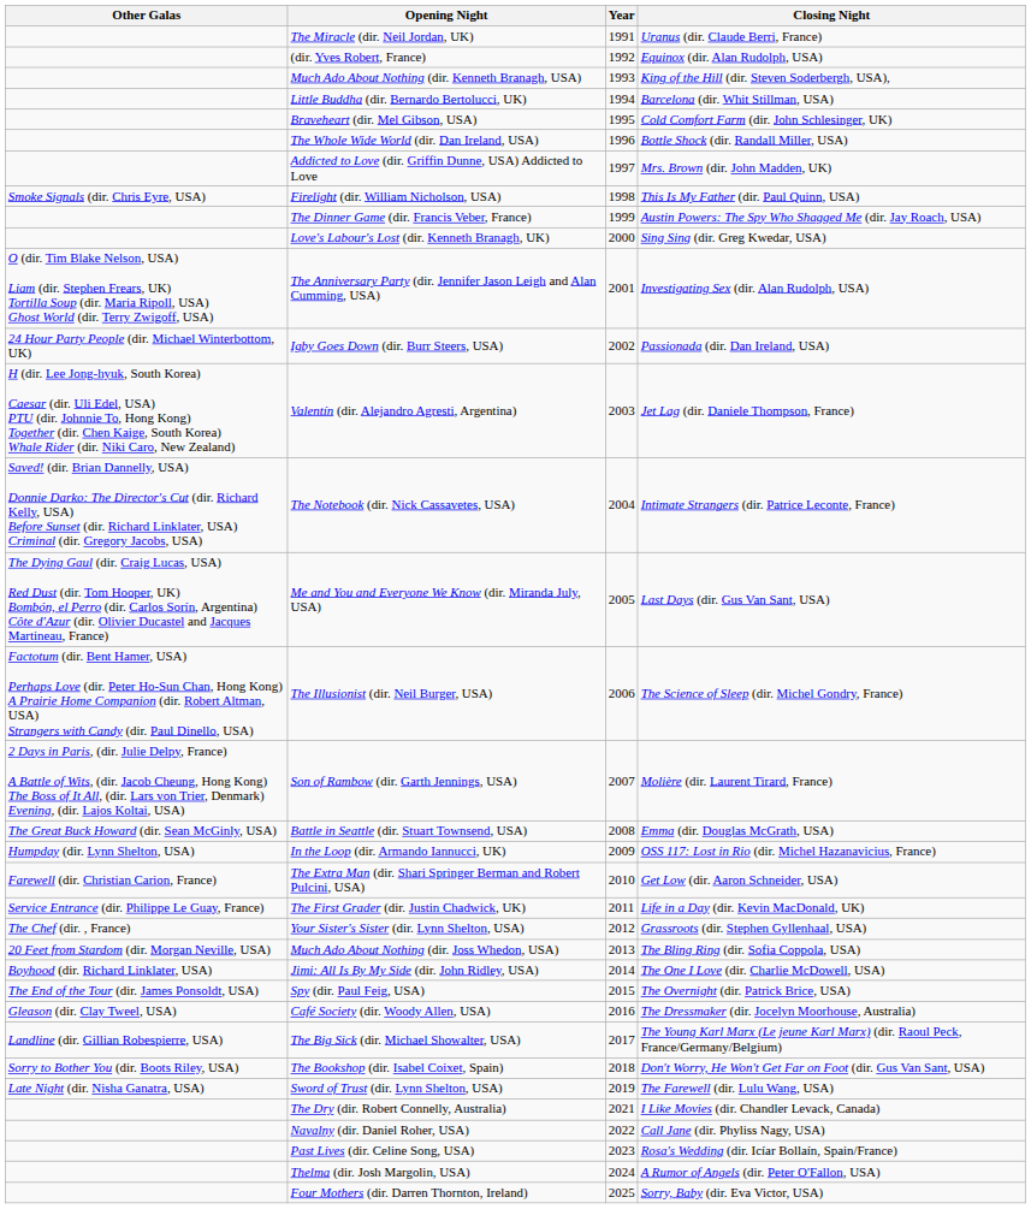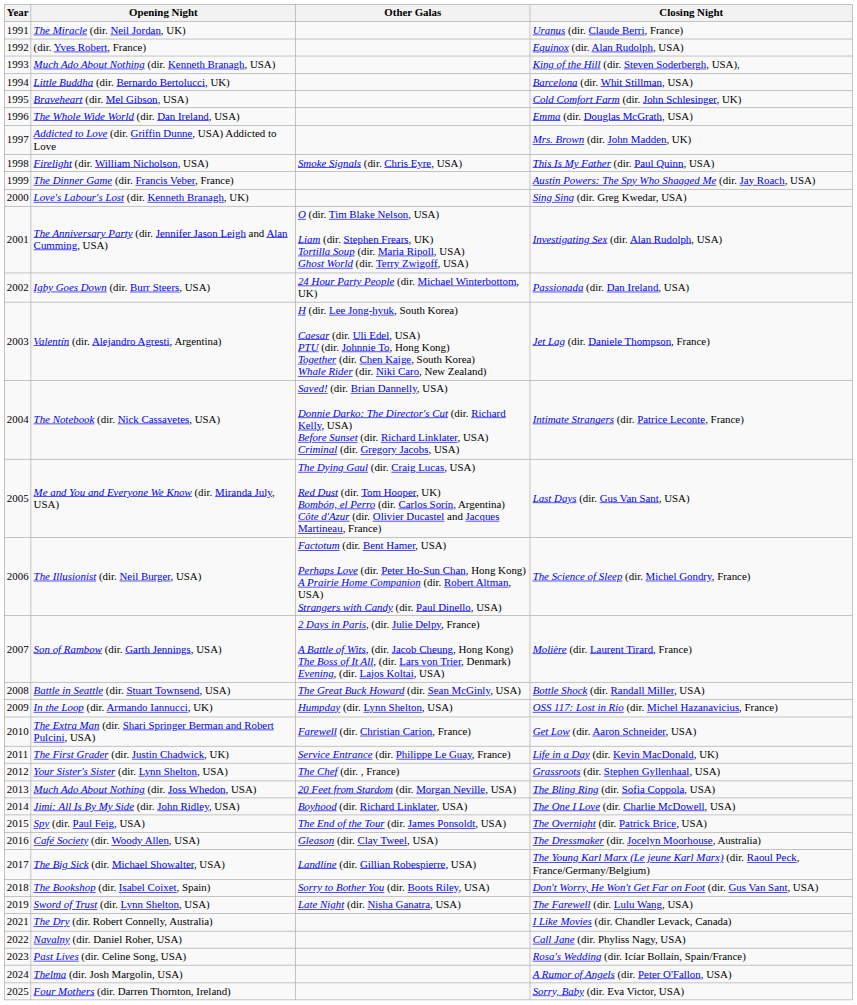 <table class="wikitable">
 <tr>
+<th>Year</th>
+<th>Opening Night</th>
 <th>Other Galas</th>
-<th>Opening Night</th>
-<th>Year</th>
 <th>Closing Night</th>
 </tr>
 <tr>
+<td>1991</td>
+<td><em><a href='#'>The Miracle</a></em> (dir. <a href='#'>Neil Jordan</a>, UK)</td>
 <td></td>
-<td><em><a href='#'>The Miracle</a></em> (dir. <a href='#'>Neil Jordan</a>, UK)</td>
-<td>1991</td>
 <td><em><a href='#'>Uranus</a></em> (dir. <a href='#'>Claude Berri</a>, France)</td>
 </tr>
 <tr>
+<td>1992</td>
+<td><em></em> (dir. <a href='#'>Yves Robert</a>, France)</td>
 <td></td>
-<td><em></em> (dir. <a href='#'>Yves Robert</a>, France)</td>
-<td>1992</td>
 <td><em><a href='#'>Equinox</a></em> (dir. <a href='#'>Alan Rudolph</a>, USA)</td>
 </tr>
 <tr>
+<td>1993</td>
+<td><em><a href='#'>Much Ado About Nothing</a></em> (dir. <a href='#'>Kenneth Branagh</a>, USA)</td>
 <td></td>
-<td><em><a href='#'>Much Ado About Nothing</a></em> (dir. <a href='#'>Kenneth Branagh</a>, USA)</td>
-<td>1993</td>
 <td><em><a href='#'>King of the Hill</a></em> (dir. <a href='#'>Steven Soderbergh</a>, USA),</td>
 </tr>
 <tr>
+<td>1994</td>
+<td><em><a href='#'>Little Buddha</a></em> (dir. <a href='#'>Bernardo Bertolucci</a>, UK)</td>
 <td></td>
-<td><em><a href='#'>Little Buddha</a></em> (dir. <a href='#'>Bernardo Bertolucci</a>, UK)</td>
-<td>1994</td>
 <td><em><a href='#'>Barcelona</a></em> (dir. <a href='#'>Whit Stillman</a>, USA)</td>
 </tr>
 <tr>
+<td>1995</td>
+<td><em><a href='#'>Braveheart</a></em> (dir. <a href='#'>Mel Gibson</a>, USA)</td>
 <td></td>
-<td><em><a href='#'>Braveheart</a></em> (dir. <a href='#'>Mel Gibson</a>, USA)</td>
-<td>1995</td>
 <td><em><a href='#'>Cold Comfort Farm</a></em> (dir. <a href='#'>John Schlesinger</a>, UK)</td>
 </tr>
 <tr>
+<td>1996</td>
+<td><em><a href='#'>The Whole Wide World</a></em> (dir. <a href='#'>Dan Ireland</a>, USA)</td>
 <td></td>
-<td><em><a href='#'>The Whole Wide World</a></em> (dir. <a href='#'>Dan Ireland</a>, USA)</td>
-<td>1996</td>
+<td><em><a href='#'>Emma</a></em> (dir. <a href='#'>Douglas McGrath</a>, USA)</td>
+</tr>
+<tr>
+<td>1997</td>
+<td><em><a href='#'>Addicted to Love</a></em> (dir. <a href='#'>Griffin Dunne</a>, USA) Addicted to Love</td>
+<td></td>
+<td><em><a href='#'>Mrs. Brown</a></em> (dir. <a href='#'>John Madden</a>, UK)</td>
+</tr>
+<tr>
+<td>1998</td>
+<td><em><a href='#'>Firelight</a></em> (dir. <a href='#'>William Nicholson</a>, USA)</td>
+<td><em><a href='#'>Smoke Signals</a></em> (dir. <a href='#'>Chris Eyre</a>, USA)</td>
+<td><em><a href='#'>This Is My Father</a></em> (dir. <a href='#'>Paul Quinn</a>, USA)</td>
+</tr>
+<tr>
+<td>1999</td>
+<td><em><a href='#'>The Dinner Game</a></em> (dir. <a href='#'>Francis Veber</a>, France)</td>
+<td></td>
+<td><em><a href='#'>Austin Powers: The Spy Who Shagged Me</a></em> (dir. <a href='#'>Jay Roach</a>, USA)</td>
+</tr>
+<tr>
+<td>2000</td>
+<td><em><a href='#'>Love's Labour's Lost</a></em> (dir. <a href='#'>Kenneth Branagh</a>, UK)</td>
+<td></td>
+<td><em><a href='#'>Sing Sing</a></em> (dir. Greg Kwedar, USA)</td>
+</tr>
+<tr>
+<td>2001</td>
+<td><em><a href='#'>The Anniversary Party</a></em> (dir. <a href='#'>Jennifer Jason Leigh</a> and <a href='#'>Alan Cumming</a>, USA)</td>
+<td><em><a href='#'>O</a></em> (dir. <a href='#'>Tim Blake Nelson</a>, USA)<br><br><em><a href='#'>Liam</a></em> (dir. <a href='#'>Stephen Frears</a>, UK)<br> <em><a href='#'>Tortilla Soup</a></em> (dir. <a href='#'>Maria Ripoll</a>, USA)<br> <em><a href='#'>Ghost World</a></em> (dir. <a href='#'>Terry Zwigoff</a>, USA)</td>
+<td><em><a href='#'>Investigating Sex</a></em> (dir. <a href='#'>Alan Rudolph</a>, USA)</td>
+</tr>
+<tr>
+<td>2002</td>
+<td><em><a href='#'>Igby Goes Down</a></em> (dir. <a href='#'>Burr Steers</a>, USA)</td>
+<td><em><a href='#'>24 Hour Party People</a></em> (dir. <a href='#'>Michael Winterbottom</a>, UK)</td>
+<td><em><a href='#'>Passionada</a></em> (dir. <a href='#'>Dan Ireland</a>, USA)</td>
+</tr>
+<tr>
+<td>2003</td>
+<td><em><a href='#'>Valentín</a></em> (dir. <a href='#'>Alejandro Agresti</a>, Argentina)</td>
+<td><em><a href='#'>H</a></em> (dir. <a href='#'>Lee Jong-hyuk</a>, South Korea)<br><br><em><a href='#'>Caesar</a></em> (dir. <a href='#'>Uli Edel</a>, USA)<br> <em><a href='#'>PTU</a></em> (dir. <a href='#'>Johnnie To</a>, Hong Kong)<br> <em><a href='#'>Together</a></em> (dir. <a href='#'>Chen Kaige</a>, South Korea)<br> <em><a href='#'>Whale Rider</a></em> (dir. <a href='#'>Niki Caro</a>, New Zealand)</td>
+<td><em><a href='#'>Jet Lag</a></em> (dir. <a href='#'>Daniele Thompson</a>, France)</td>
+</tr>
+<tr>
+<td>2004</td>
+<td><em><a href='#'>The Notebook</a></em> (dir. <a href='#'>Nick Cassavetes</a>, USA)</td>
+<td><em><a href='#'>Saved!</a></em> (dir. <a href='#'>Brian Dannelly</a>, USA)<br><br><em><a href='#'>Donnie Darko: The Director's Cut</a></em> (dir. <a href='#'>Richard Kelly</a>, USA)<br> <em><a href='#'>Before Sunset</a></em> (dir. <a href='#'>Richard Linklater</a>, USA)<br> <em><a href='#'>Criminal</a></em> (dir. <a href='#'>Gregory Jacobs</a>, USA)</td>
+<td><em><a href='#'>Intimate Strangers</a></em> (dir. <a href='#'>Patrice Leconte</a>, France)</td>
+</tr>
+<tr>
+<td>2005</td>
+<td><em><a href='#'>Me and You and Everyone We Know</a></em> (dir. <a href='#'>Miranda July</a>, USA)</td>
+<td><em><a href='#'>The Dying Gaul</a></em> (dir. <a href='#'>Craig Lucas</a>, USA)<br><br><em><a href='#'>Red Dust</a></em> (dir. <a href='#'>Tom Hooper</a>, UK)<br> <em><a href='#'>Bombón, el Perro</a></em> (dir. <a href='#'>Carlos Sorín</a>, Argentina)<br> <em><a href='#'>Côte d'Azur</a></em> (dir. <a href='#'>Olivier Ducastel</a> and <a href='#'>Jacques Martineau</a>, France)</td>
+<td><em><a href='#'>Last Days</a></em> (dir. <a href='#'>Gus Van Sant</a>, USA)</td>
+</tr>
+<tr>
+<td>2006</td>
+<td><em><a href='#'>The Illusionist</a></em> (dir. <a href='#'>Neil Burger</a>, USA)</td>
+<td><em><a href='#'>Factotum</a></em> (dir. <a href='#'>Bent Hamer</a>, USA)<br><br><em><a href='#'>Perhaps Love</a></em> (dir. <a href='#'>Peter Ho-Sun Chan</a>, Hong Kong)<br> <em><a href='#'>A Prairie Home Companion</a></em> (dir. <a href='#'>Robert Altman</a>, USA)<br> <em><a href='#'>Strangers with Candy</a></em> (dir. <a href='#'>Paul Dinello</a>, USA)</td>
+<td><em><a href='#'>The Science of Sleep</a></em> (dir. <a href='#'>Michel Gondry</a>, France)</td>
+</tr>
+<tr>
+<td>2007</td>
+<td><em><a href='#'>Son of Rambow</a></em> (dir. <a href='#'>Garth Jennings</a>, USA)</td>
+<td><em><a href='#'>2 Days in Paris</a></em>, (dir. <a href='#'>Julie Delpy</a>, France)<br><br><em><a href='#'>A Battle of Wits</a></em>, (dir. <a href='#'>Jacob Cheung</a>, Hong Kong)<br> <em><a href='#'>The Boss of It All</a></em>, (dir. <a href='#'>Lars von Trier</a>, Denmark)<br> <em><a href='#'>Evening</a></em>, (dir. <a href='#'>Lajos Koltai</a>, USA)</td>
+<td><em><a href='#'>Molière</a></em> (dir. <a href='#'>Laurent Tirard</a>, France)</td>
+</tr>
+<tr>
+<td>2008</td>
+<td><em><a href='#'>Battle in Seattle</a></em> (dir. <a href='#'>Stuart Townsend</a>, USA)</td>
+<td><em><a href='#'>The Great Buck Howard</a></em> (dir. <a href='#'>Sean McGinly</a>, USA)</td>
 <td><em><a href='#'>Bottle Shock</a></em> (dir. <a href='#'>Randall Miller</a>, USA)</td>
 </tr>
 <tr>
-<td></td>
-<td><em><a href='#'>Addicted to Love</a></em> (dir. <a href='#'>Griffin Dunne</a>, USA) Addicted to Love</td>
-<td>1997</td>
-<td><em><a href='#'>Mrs. Brown</a></em> (dir. <a href='#'>John Madden</a>, UK)</td>
-</tr>
-<tr>
-<td><em><a href='#'>Smoke Signals</a></em> (dir. <a href='#'>Chris Eyre</a>, USA)</td>
-<td><em><a href='#'>Firelight</a></em> (dir. <a href='#'>William Nicholson</a>, USA)</td>
-<td>1998</td>
-<td><em><a href='#'>This Is My Father</a></em> (dir. <a href='#'>Paul Quinn</a>, USA)</td>
-</tr>
-<tr>
-<td></td>
-<td><em><a href='#'>The Dinner Game</a></em> (dir. <a href='#'>Francis Veber</a>, France)</td>
-<td>1999</td>
-<td><em><a href='#'>Austin Powers: The Spy Who Shagged Me</a></em> (dir. <a href='#'>Jay Roach</a>, USA)</td>
-</tr>
-<tr>
-<td></td>
-<td><em><a href='#'>Love's Labour's Lost</a></em> (dir. <a href='#'>Kenneth Branagh</a>, UK)</td>
-<td>2000</td>
-<td><em><a href='#'>Sing Sing</a></em> (dir. Greg Kwedar, USA)</td>
-</tr>
-<tr>
-<td><em><a href='#'>O</a></em> (dir. <a href='#'>Tim Blake Nelson</a>, USA)<br><br><em><a href='#'>Liam</a></em> (dir. <a href='#'>Stephen Frears</a>, UK)<br> <em><a href='#'>Tortilla Soup</a></em> (dir. <a href='#'>Maria Ripoll</a>, USA)<br> <em><a href='#'>Ghost World</a></em> (dir. <a href='#'>Terry Zwigoff</a>, USA)</td>
-<td><em><a href='#'>The Anniversary Party</a></em> (dir. <a href='#'>Jennifer Jason Leigh</a> and <a href='#'>Alan Cumming</a>, USA)</td>
-<td>2001</td>
-<td><em><a href='#'>Investigating Sex</a></em> (dir. <a href='#'>Alan Rudolph</a>, USA)</td>
-</tr>
-<tr>
-<td><em><a href='#'>24 Hour Party People</a></em> (dir. <a href='#'>Michael Winterbottom</a>, UK)</td>
-<td><em><a href='#'>Igby Goes Down</a></em> (dir. <a href='#'>Burr Steers</a>, USA)</td>
-<td>2002</td>
-<td><em><a href='#'>Passionada</a></em> (dir. <a href='#'>Dan Ireland</a>, USA)</td>
-</tr>
-<tr>
-<td><em><a href='#'>H</a></em> (dir. <a href='#'>Lee Jong-hyuk</a>, South Korea)<br><br><em><a href='#'>Caesar</a></em> (dir. <a href='#'>Uli Edel</a>, USA)<br> <em><a href='#'>PTU</a></em> (dir. <a href='#'>Johnnie To</a>, Hong Kong)<br> <em><a href='#'>Together</a></em> (dir. <a href='#'>Chen Kaige</a>, South Korea)<br> <em><a href='#'>Whale Rider</a></em> (dir. <a href='#'>Niki Caro</a>, New Zealand)</td>
-<td><em><a href='#'>Valentín</a></em> (dir. <a href='#'>Alejandro Agresti</a>, Argentina)</td>
-<td>2003</td>
-<td><em><a href='#'>Jet Lag</a></em> (dir. <a href='#'>Daniele Thompson</a>, France)</td>
-</tr>
-<tr>
-<td><em><a href='#'>Saved!</a></em> (dir. <a href='#'>Brian Dannelly</a>, USA)<br><br><em><a href='#'>Donnie Darko: The Director's Cut</a></em> (dir. <a href='#'>Richard Kelly</a>, USA)<br> <em><a href='#'>Before Sunset</a></em> (dir. <a href='#'>Richard Linklater</a>, USA)<br> <em><a href='#'>Criminal</a></em> (dir. <a href='#'>Gregory Jacobs</a>, USA)</td>
-<td><em><a href='#'>The Notebook</a></em> (dir. <a href='#'>Nick Cassavetes</a>, USA)</td>
-<td>2004</td>
-<td><em><a href='#'>Intimate Strangers</a></em> (dir. <a href='#'>Patrice Leconte</a>, France)</td>
-</tr>
-<tr>
-<td><em><a href='#'>The Dying Gaul</a></em> (dir. <a href='#'>Craig Lucas</a>, USA)<br><br><em><a href='#'>Red Dust</a></em> (dir. <a href='#'>Tom Hooper</a>, UK)<br> <em><a href='#'>Bombón, el Perro</a></em> (dir. <a href='#'>Carlos Sorín</a>, Argentina)<br> <em><a href='#'>Côte d'Azur</a></em> (dir. <a href='#'>Olivier Ducastel</a> and <a href='#'>Jacques Martineau</a>, France)</td>
-<td><em><a href='#'>Me and You and Everyone We Know</a></em> (dir. <a href='#'>Miranda July</a>, USA)</td>
-<td>2005</td>
-<td><em><a href='#'>Last Days</a></em> (dir. <a href='#'>Gus Van Sant</a>, USA)</td>
-</tr>
-<tr>
-<td><em><a href='#'>Factotum</a></em> (dir. <a href='#'>Bent Hamer</a>, USA)<br><br><em><a href='#'>Perhaps Love</a></em> (dir. <a href='#'>Peter Ho-Sun Chan</a>, Hong Kong)<br> <em><a href='#'>A Prairie Home Companion</a></em> (dir. <a href='#'>Robert Altman</a>, USA)<br> <em><a href='#'>Strangers with Candy</a></em> (dir. <a href='#'>Paul Dinello</a>, USA)</td>
-<td><em><a href='#'>The Illusionist</a></em> (dir. <a href='#'>Neil Burger</a>, USA)</td>
-<td>2006</td>
-<td><em><a href='#'>The Science of Sleep</a></em> (dir. <a href='#'>Michel Gondry</a>, France)</td>
-</tr>
-<tr>
-<td><em><a href='#'>2 Days in Paris</a></em>, (dir. <a href='#'>Julie Delpy</a>, France)<br><br><em><a href='#'>A Battle of Wits</a></em>, (dir. <a href='#'>Jacob Cheung</a>, Hong Kong)<br> <em><a href='#'>The Boss of It All</a></em>, (dir. <a href='#'>Lars von Trier</a>, Denmark)<br> <em><a href='#'>Evening</a></em>, (dir. <a href='#'>Lajos Koltai</a>, USA)</td>
-<td><em><a href='#'>Son of Rambow</a></em> (dir. <a href='#'>Garth Jennings</a>, USA)</td>
-<td>2007</td>
-<td><em><a href='#'>Molière</a></em> (dir. <a href='#'>Laurent Tirard</a>, France)</td>
-</tr>
-<tr>
-<td><em><a href='#'>The Great Buck Howard</a></em> (dir. <a href='#'>Sean McGinly</a>, USA)</td>
-<td><em><a href='#'>Battle in Seattle</a></em> (dir. <a href='#'>Stuart Townsend</a>, USA)</td>
-<td>2008</td>
-<td><em><a href='#'>Emma</a></em> (dir. <a href='#'>Douglas McGrath</a>, USA)</td>
-</tr>
-<tr>
+<td>2009</td>
+<td><em><a href='#'>In the Loop</a></em> (dir. <a href='#'>Armando Iannucci</a>, UK)</td>
 <td><em><a href='#'>Humpday</a></em> (dir. <a href='#'>Lynn Shelton</a>, USA)</td>
-<td><em><a href='#'>In the Loop</a></em> (dir. <a href='#'>Armando Iannucci</a>, UK)</td>
-<td>2009</td>
 <td><em><a href='#'>OSS 117: Lost in Rio</a></em> (dir. <a href='#'>Michel Hazanavicius</a>, France)</td>
 </tr>
 <tr>
+<td>2010</td>
+<td><em><a href='#'>The Extra Man</a></em> (dir. <a href='#'>Shari Springer Berman and Robert Pulcini</a>, USA)</td>
 <td><em><a href='#'>Farewell</a></em> (dir. <a href='#'>Christian Carion</a>, France)</td>
-<td><em><a href='#'>The Extra Man</a></em> (dir. <a href='#'>Shari Springer Berman and Robert Pulcini</a>, USA)</td>
-<td>2010</td>
 <td><em><a href='#'>Get Low</a></em> (dir. <a href='#'>Aaron Schneider</a>, USA)</td>
 </tr>
 <tr>
+<td>2011</td>
+<td><em><a href='#'>The First Grader</a></em> (dir. <a href='#'>Justin Chadwick</a>, UK)</td>
 <td><em><a href='#'>Service Entrance</a></em> (dir. <a href='#'>Philippe Le Guay</a>, France)</td>
-<td><em><a href='#'>The First Grader</a></em> (dir. <a href='#'>Justin Chadwick</a>, UK)</td>
-<td>2011</td>
 <td><em><a href='#'>Life in a Day</a></em> (dir. <a href='#'>Kevin MacDonald</a>, UK)</td>
 </tr>
 <tr>
+<td>2012</td>
+<td><em><a href='#'>Your Sister's Sister</a></em> (dir. <a href='#'>Lynn Shelton</a>, USA)</td>
 <td><em><a href='#'>The Chef</a></em> (dir. , France)</td>
-<td><em><a href='#'>Your Sister's Sister</a></em> (dir. <a href='#'>Lynn Shelton</a>, USA)</td>
-<td>2012</td>
 <td><em><a href='#'>Grassroots</a></em> (dir. <a href='#'>Stephen Gyllenhaal</a>, USA)</td>
 </tr>
 <tr>
+<td>2013</td>
+<td><em><a href='#'>Much Ado About Nothing</a></em> (dir. <a href='#'>Joss Whedon</a>, USA)</td>
 <td><em><a href='#'>20 Feet from Stardom</a></em> (dir. <a href='#'>Morgan Neville</a>, USA)</td>
-<td><em><a href='#'>Much Ado About Nothing</a></em> (dir. <a href='#'>Joss Whedon</a>, USA)</td>
-<td>2013</td>
 <td><em><a href='#'>The Bling Ring</a></em> (dir. <a href='#'>Sofia Coppola</a>, USA)</td>
 </tr>
 <tr>
+<td>2014</td>
+<td><em><a href='#'>Jimi: All Is By My Side</a></em> (dir. <a href='#'>John Ridley</a>, USA)</td>
 <td><em><a href='#'>Boyhood</a></em> (dir. <a href='#'>Richard Linklater</a>, USA)</td>
-<td><em><a href='#'>Jimi: All Is By My Side</a></em> (dir. <a href='#'>John Ridley</a>, USA)</td>
-<td>2014</td>
 <td><em><a href='#'>The One I Love</a></em> (dir. <a href='#'>Charlie McDowell</a>, USA)</td>
 </tr>
 <tr>
+<td>2015</td>
+<td><em><a href='#'>Spy</a></em> (dir. <a href='#'>Paul Feig</a>, USA)</td>
 <td><em><a href='#'>The End of the Tour</a></em> (dir. <a href='#'>James Ponsoldt</a>, USA)</td>
-<td><em><a href='#'>Spy</a></em> (dir. <a href='#'>Paul Feig</a>, USA)</td>
-<td>2015</td>
 <td><em><a href='#'>The Overnight</a></em> (dir. <a href='#'>Patrick Brice</a>, USA)</td>
 </tr>
 <tr>
+<td>2016</td>
+<td><em><a href='#'>Café Society</a></em> (dir. <a href='#'>Woody Allen</a>, USA)</td>
 <td><em><a href='#'>Gleason</a></em> (dir. <a href='#'>Clay Tweel</a>, USA)</td>
-<td><em><a href='#'>Café Society</a></em> (dir. <a href='#'>Woody Allen</a>, USA)</td>
-<td>2016</td>
 <td><em><a href='#'>The Dressmaker</a></em> (dir. <a href='#'>Jocelyn Moorhouse</a>, Australia)</td>
 </tr>
 <tr>
+<td>2017</td>
+<td><em><a href='#'>The Big Sick</a></em> (dir. <a href='#'>Michael Showalter</a>, USA)</td>
 <td><em><a href='#'>Landline</a></em> (dir. <a href='#'>Gillian Robespierre</a>, USA)</td>
-<td><em><a href='#'>The Big Sick</a></em> (dir. <a href='#'>Michael Showalter</a>, USA)</td>
-<td>2017</td>
 <td><em><a href='#'>The Young Karl Marx (Le jeune Karl Marx)</a></em> (dir. <a href='#'>Raoul Peck</a>, France/Germany/Belgium)</td>
 </tr>
 <tr>
+<td>2018</td>
+<td><em><a href='#'>The Bookshop</a></em> (dir. <a href='#'>Isabel Coixet</a>, Spain)</td>
 <td><em><a href='#'>Sorry to Bother You</a></em> (dir. <a href='#'>Boots Riley</a>, USA)</td>
-<td><em><a href='#'>The Bookshop</a></em> (dir. <a href='#'>Isabel Coixet</a>, Spain)</td>
-<td>2018</td>
 <td><em><a href='#'>Don't Worry, He Won't Get Far on Foot</a></em> (dir. <a href='#'>Gus Van Sant</a>, USA)</td>
 </tr>
 <tr>
+<td>2019</td>
+<td><em><a href='#'>Sword of Trust</a></em> (dir. <a href='#'>Lynn Shelton</a>, USA)</td>
 <td><em><a href='#'>Late Night</a></em> (dir. <a href='#'>Nisha Ganatra</a>, USA)</td>
-<td><em><a href='#'>Sword of Trust</a></em> (dir. <a href='#'>Lynn Shelton</a>, USA)</td>
-<td>2019</td>
 <td><em><a href='#'>The Farewell</a></em> (dir. <a href='#'>Lulu Wang</a>, USA)</td>
 </tr>
 <tr>
+<td>2021</td>
+<td><em><a href='#'>The Dry</a></em> (dir. Robert Connelly, Australia)</td>
 <td></td>
-<td><em><a href='#'>The Dry</a></em> (dir. Robert Connelly, Australia)</td>
-<td>2021</td>
 <td><em><a href='#'>I Like Movies</a></em> (dir. Chandler Levack, Canada)</td>
 </tr>
 <tr>
+<td>2022</td>
+<td><em><a href='#'>Navalny</a></em> (dir. Daniel Roher, USA)</td>
 <td></td>
-<td><em><a href='#'>Navalny</a></em> (dir. Daniel Roher, USA)</td>
-<td>2022</td>
 <td><em><a href='#'>Call Jane</a></em> (dir. Phyliss Nagy, USA)</td>
 </tr>
 <tr>
+<td>2023</td>
+<td><em><a href='#'>Past Lives</a></em> (dir. Celine Song, USA)</td>
 <td></td>
-<td><em><a href='#'>Past Lives</a></em> (dir. Celine Song, USA)</td>
-<td>2023</td>
 <td><em><a href='#'>Rosa's Wedding</a></em> (dir. Icíar Bollaín, Spain/France)</td>
 </tr>
 <tr>
+<td>2024</td>
+<td><em><a href='#'>Thelma</a></em> (dir. Josh Margolin, USA)</td>
 <td></td>
-<td><em><a href='#'>Thelma</a></em> (dir. Josh Margolin, USA)</td>
-<td>2024</td>
 <td><em><a href='#'>A Rumor of Angels</a></em> (dir. <a href='#'>Peter O'Fallon</a>, USA)</td>
 </tr>
 <tr>
+<td>2025</td>
+<td><em><a href='#'>Four Mothers</a></em> (dir. Darren Thornton, Ireland)</td>
 <td></td>
-<td><em><a href='#'>Four Mothers</a></em> (dir. Darren Thornton, Ireland)</td>
-<td>2025</td>
 <td><em><a href='#'>Sorry, Baby</a></em> (dir. Eva Victor, USA)</td>
 </tr>
 </table>
